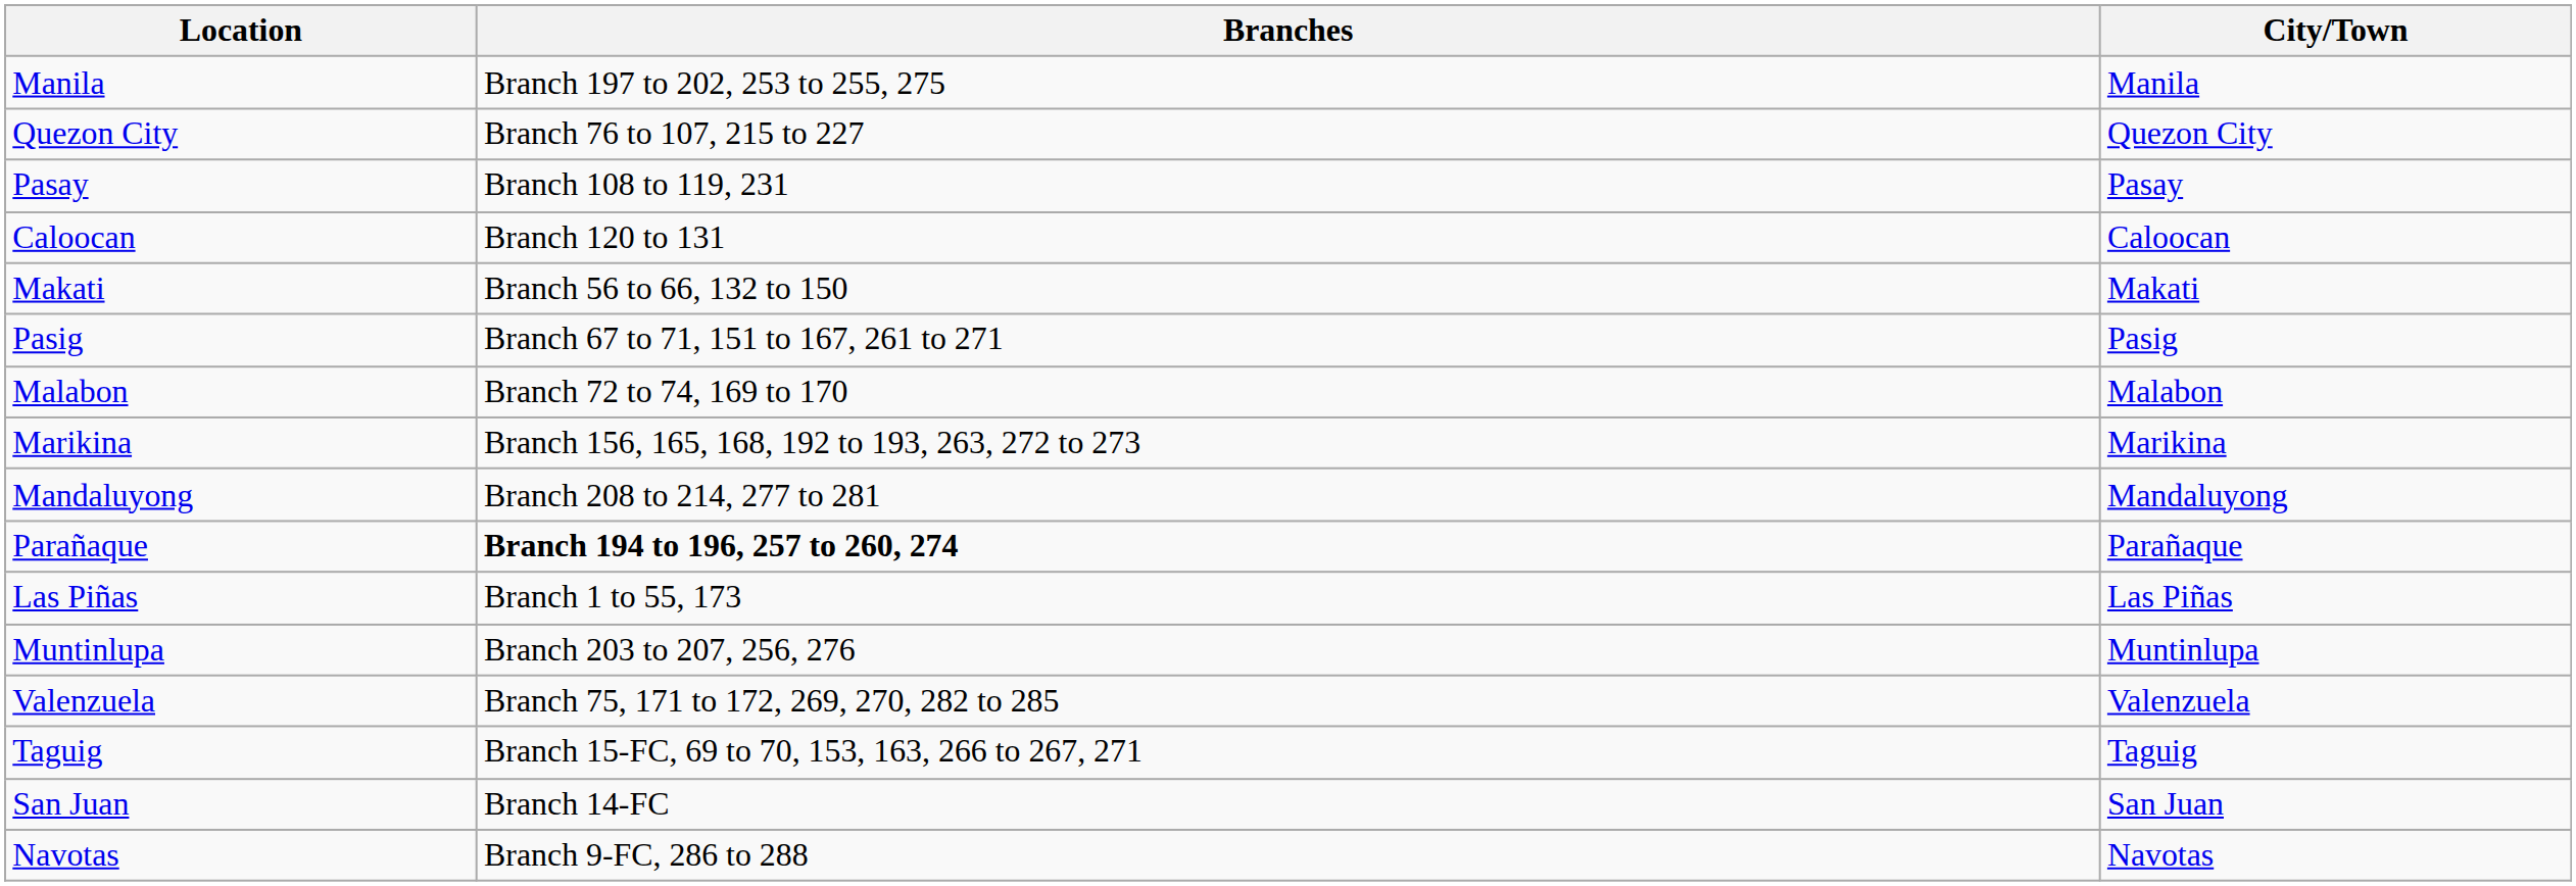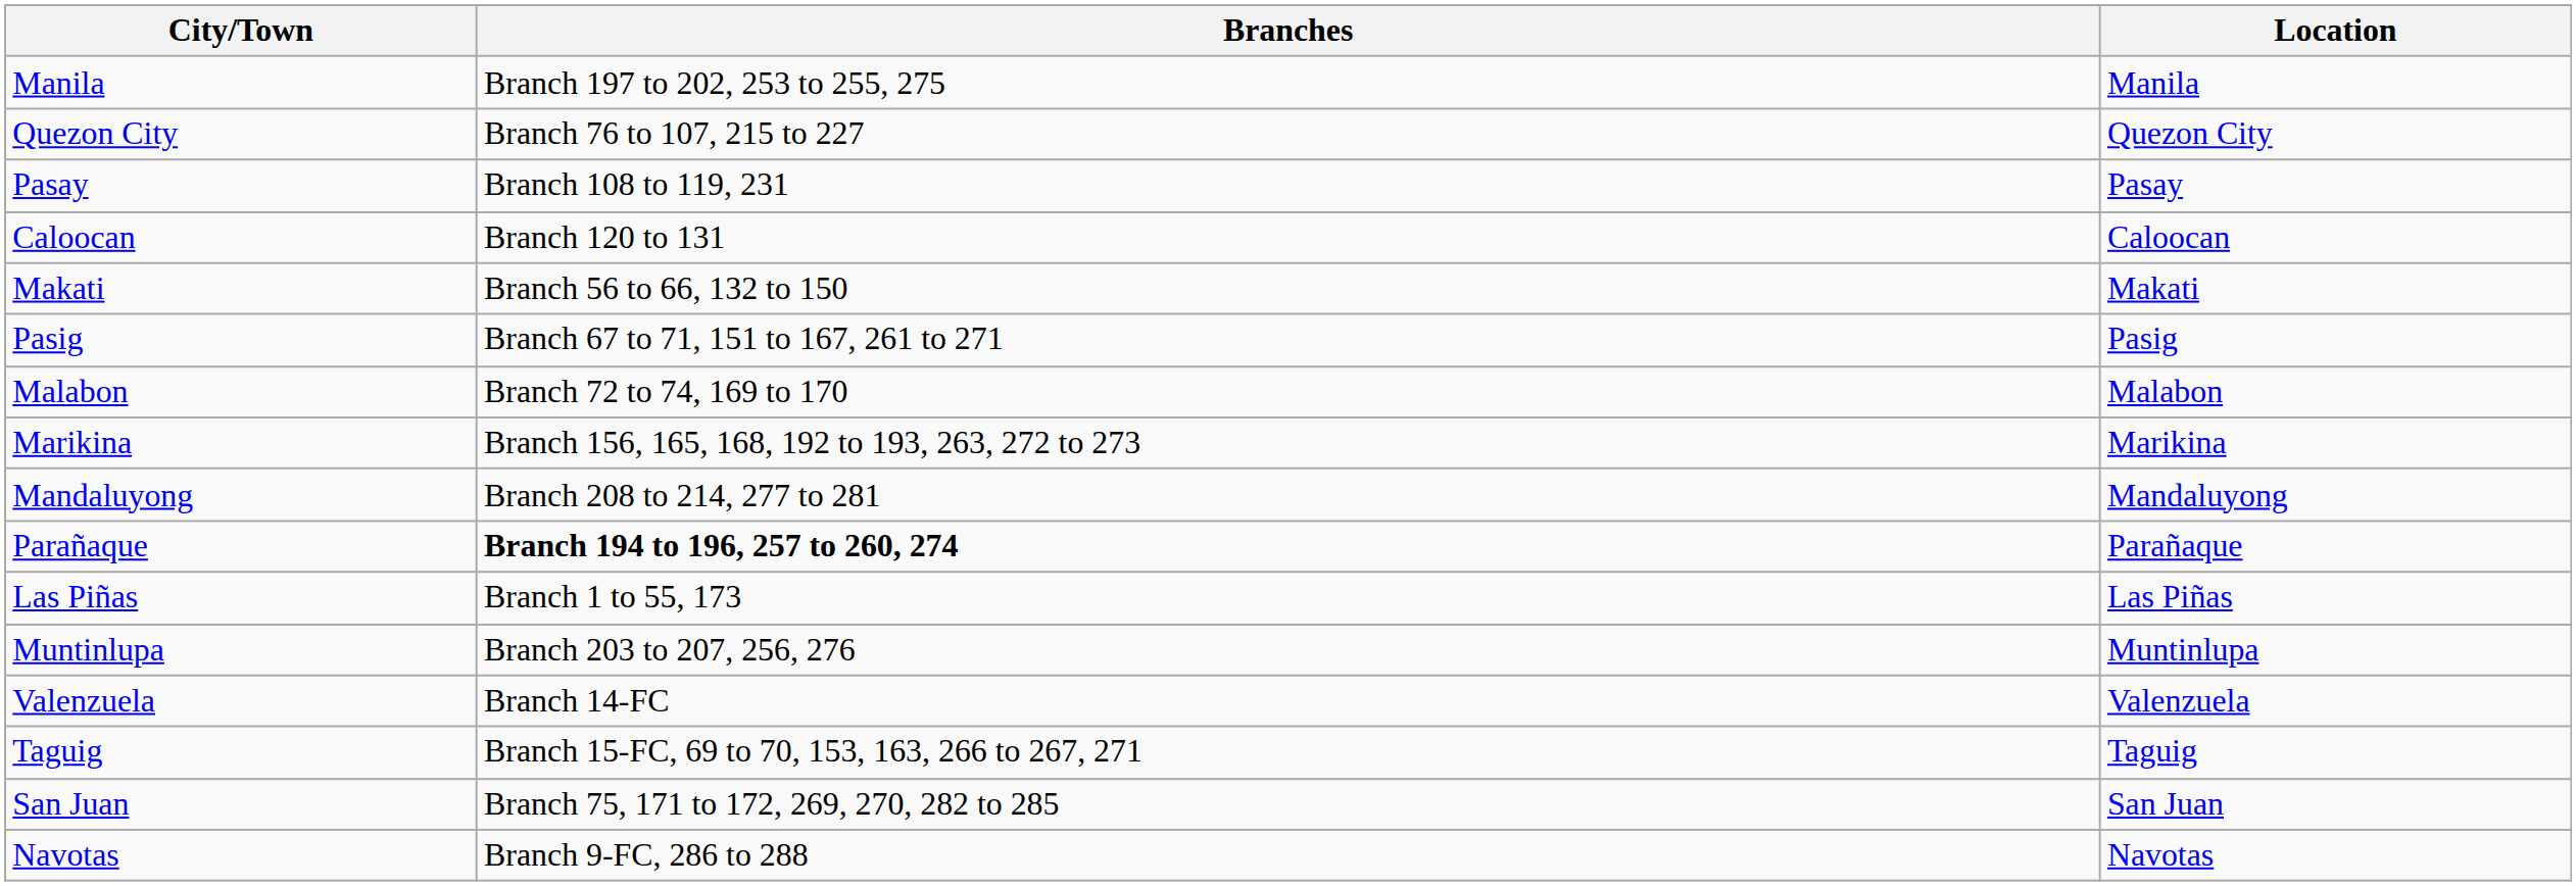 <table class=wikitable width=100%>
 <tr>
+<th>City/Town</th>
+<th>Branches</th>
 <th>Location</th>
-<th>Branches</th>
-<th>City/Town</th>
 </tr>
 <tr>
 <td><a href='#'>Manila</a></td>
 <td>Branch 197 to 202, 253 to 255, 275</td>
 <td><a href='#'>Manila</a></td>
 </tr>
 <tr>
 <td><a href='#'>Quezon City</a></td>
 <td>Branch 76 to 107, 215 to 227</td>
 <td><a href='#'>Quezon City</a></td>
 </tr>
 <tr>
 <td><a href='#'>Pasay</a></td>
 <td>Branch 108 to 119, 231</td>
 <td><a href='#'>Pasay</a></td>
 </tr>
 <tr>
 <td><a href='#'>Caloocan</a></td>
 <td>Branch 120 to 131</td>
 <td><a href='#'>Caloocan</a></td>
 </tr>
 <tr>
 <td><a href='#'>Makati</a></td>
 <td>Branch 56 to 66, 132 to 150</td>
 <td><a href='#'>Makati</a></td>
 </tr>
 <tr>
 <td><a href='#'>Pasig</a></td>
 <td>Branch 67 to 71, 151 to 167, 261 to 271</td>
 <td><a href='#'>Pasig</a></td>
 </tr>
 <tr>
 <td><a href='#'>Malabon</a></td>
 <td>Branch 72 to 74, 169 to 170</td>
 <td><a href='#'>Malabon</a></td>
 </tr>
 <tr>
 <td><a href='#'>Marikina</a></td>
 <td>Branch 156, 165, 168, 192 to 193, 263, 272 to 273</td>
 <td><a href='#'>Marikina</a></td>
 </tr>
 <tr>
 <td><a href='#'>Mandaluyong</a></td>
 <td>Branch 208 to 214, 277 to 281</td>
 <td><a href='#'>Mandaluyong</a></td>
 </tr>
 <tr>
 <td><a href='#'>Parañaque</a></td>
 <td><strong>Branch 194 to 196, 257 to 260, 274</strong></td>
 <td><a href='#'>Parañaque</a></td>
 </tr>
 <tr>
 <td><a href='#'>Las Piñas</a></td>
 <td>Branch 1 to 55, 173</td>
 <td><a href='#'>Las Piñas</a></td>
 </tr>
 <tr>
 <td><a href='#'>Muntinlupa</a></td>
 <td>Branch 203 to 207, 256, 276</td>
 <td><a href='#'>Muntinlupa</a></td>
 </tr>
 <tr>
 <td><a href='#'>Valenzuela</a></td>
-<td>Branch 75, 171 to 172, 269, 270, 282 to 285</td>
+<td>Branch 14-FC</td>
 <td><a href='#'>Valenzuela</a></td>
 </tr>
 <tr>
 <td><a href='#'>Taguig</a></td>
 <td>Branch 15-FC, 69 to 70, 153, 163, 266 to 267, 271</td>
 <td><a href='#'>Taguig</a></td>
 </tr>
 <tr>
 <td><a href='#'>San Juan</a></td>
-<td>Branch 14-FC</td>
+<td>Branch 75, 171 to 172, 269, 270, 282 to 285</td>
 <td><a href='#'>San Juan</a></td>
 </tr>
 <tr>
 <td><a href='#'>Navotas</a></td>
 <td>Branch 9-FC, 286 to 288</td>
 <td><a href='#'>Navotas</a></td>
 </tr>
 </table>
